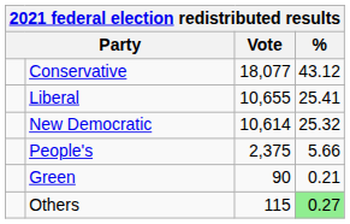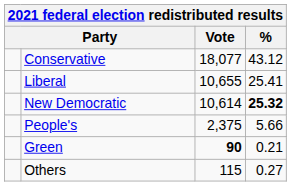 <table class="wikitable">
 <tr>
 <th colspan="4"><a href='#'>2021 federal election</a> redistributed results</th>
 </tr>
 <tr>
 <th bgcolor="#DDDDFF" width="130px" colspan="2">Party</th>
 <th bgcolor="#DDDDFF" width="50px">Vote</th>
 <th bgcolor="#DDDDFF" width="30px">%</th>
 </tr>
 <tr>
 <td> </td>
 <td><a href='#'>Conservative</a></td>
 <td align=right>18,077</td>
 <td align=right>43.12</td>
 </tr>
 <tr>
 <td> </td>
 <td><a href='#'>Liberal</a></td>
 <td align=right>10,655</td>
 <td align=right>25.41</td>
 </tr>
 <tr>
 <td> </td>
 <td><a href='#'>New Democratic</a></td>
 <td align=right>10,614</td>
-<td align=right>25.32</td>
+<td align=right><strong>25.32</strong></td>
 </tr>
 <tr>
 <td> </td>
 <td><a href='#'>People's</a></td>
 <td align=right>2,375</td>
 <td align=right>5.66</td>
 </tr>
 <tr>
 <td> </td>
 <td><a href='#'>Green</a></td>
-<td align=right>90</td>
+<td align=right><strong>90</strong></td>
 <td align=right>0.21</td>
 </tr>
 <tr>
 <td> </td>
 <td>Others</td>
 <td align=right>115</td>
-<td align=right style="background: lightgreen;">0.27</td>
+<td align=right>0.27</td>
 </tr>
 </table>
